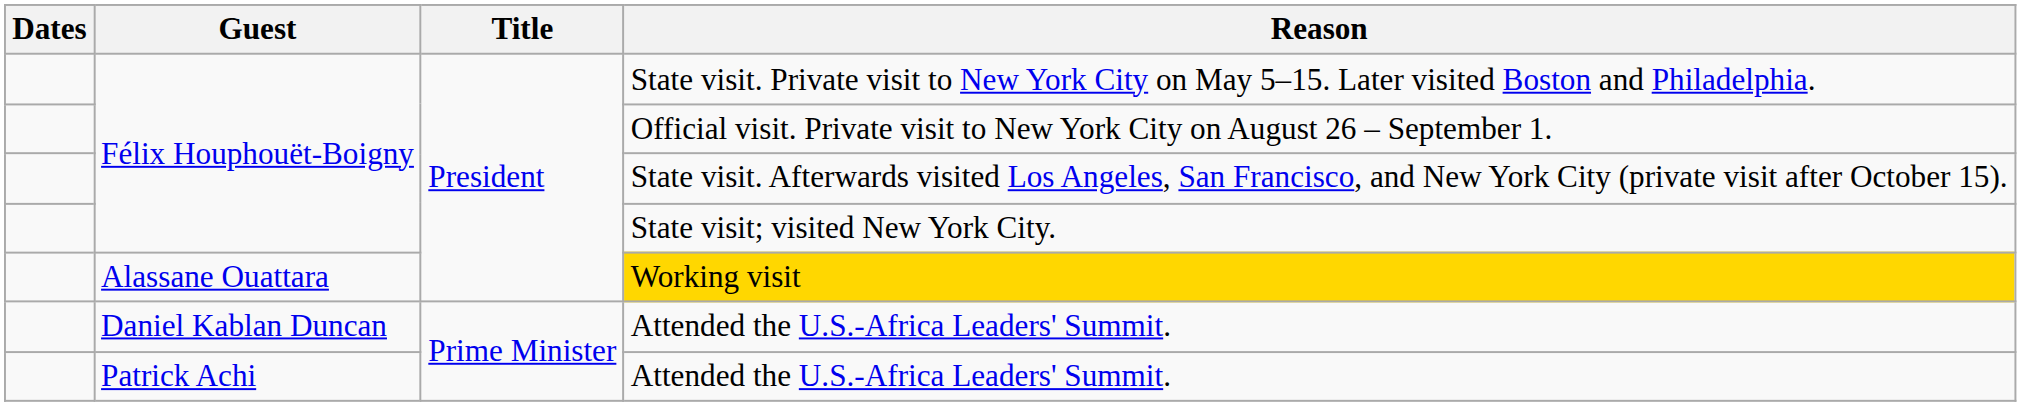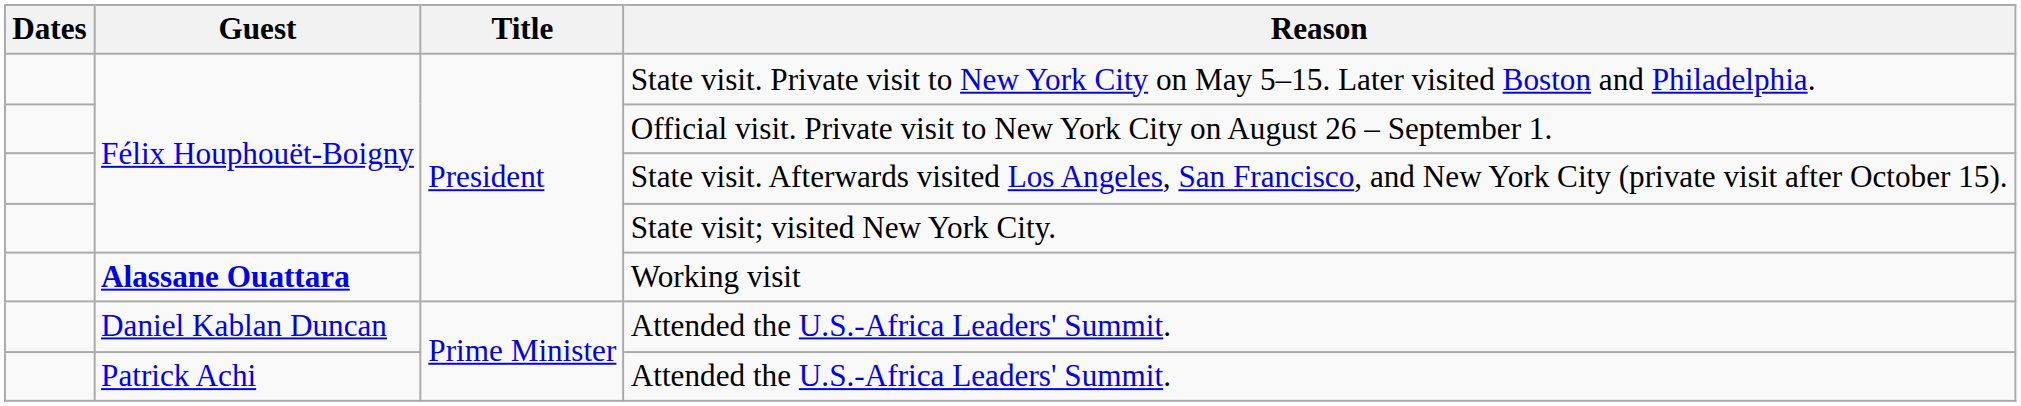 <table class="wikitable sortable">
 <tr>
 <th>Dates</th>
 <th>Guest</th>
 <th>Title</th>
 <th>Reason</th>
 </tr>
 <tr>
 <td></td>
 <td rowspan=4><a href='#'>Félix Houphouët-Boigny</a></td>
 <td rowspan=5><a href='#'>President</a></td>
 <td>State visit. Private visit to <a href='#'>New York City</a> on May 5–15. Later visited <a href='#'>Boston</a> and <a href='#'>Philadelphia</a>.</td>
 </tr>
 <tr>
 <td></td>
 <td>Official visit. Private visit to New York City on August 26 – September 1.</td>
 </tr>
 <tr>
 <td></td>
 <td>State visit. Afterwards visited <a href='#'>Los Angeles</a>, <a href='#'>San Francisco</a>, and New York City (private visit after October 15).</td>
 </tr>
 <tr>
 <td></td>
 <td>State visit; visited New York City.</td>
 </tr>
 <tr>
 <td></td>
-<td><a href='#'>Alassane Ouattara</a></td>
-<td style="background: gold;">Working visit</td>
+<td><strong><a href='#'>Alassane Ouattara</a></strong></td>
+<td>Working visit</td>
 </tr>
 <tr>
 <td></td>
 <td><a href='#'>Daniel Kablan Duncan</a></td>
 <td rowspan=2><a href='#'>Prime Minister</a></td>
 <td>Attended the <a href='#'>U.S.-Africa Leaders' Summit</a>.</td>
 </tr>
 <tr>
 <td></td>
 <td><a href='#'>Patrick Achi</a></td>
 <td>Attended the <a href='#'>U.S.-Africa Leaders' Summit</a>.</td>
 </tr>
 </table>
